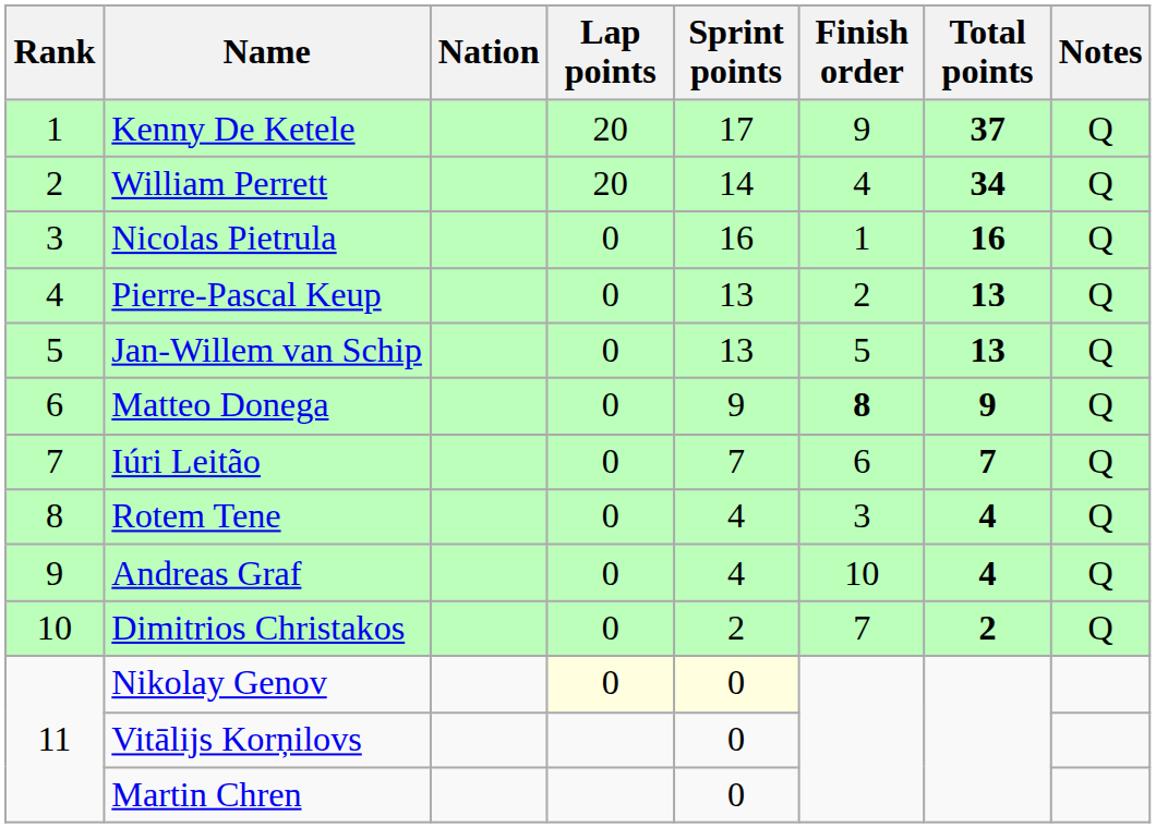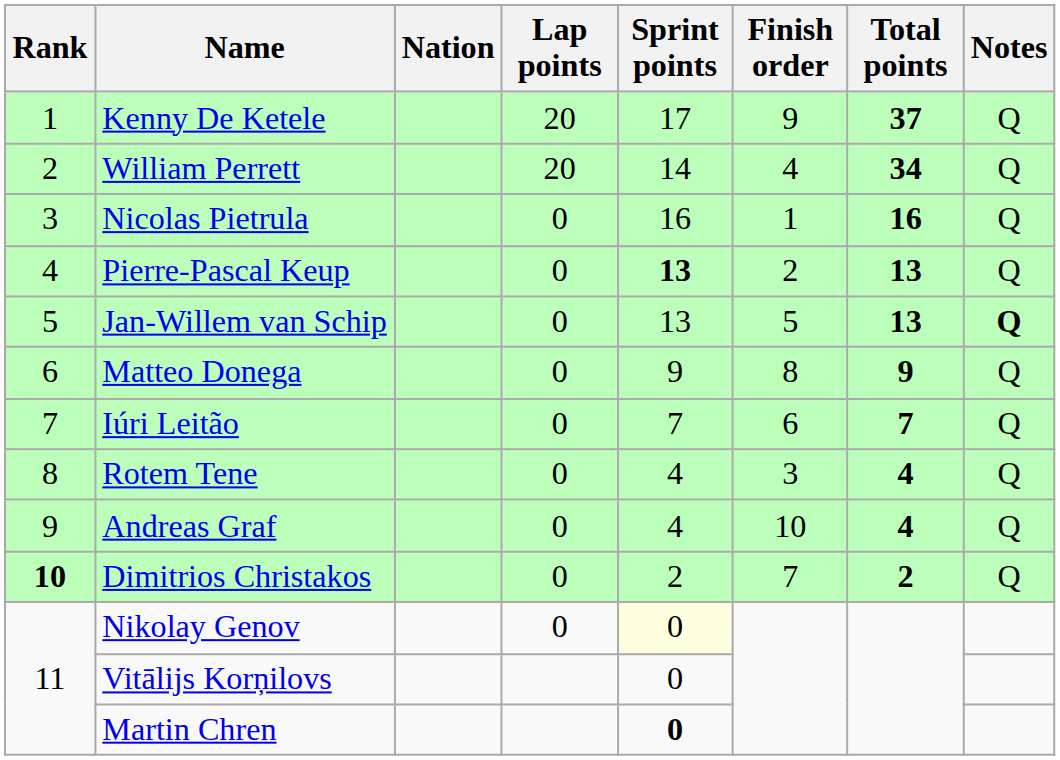 <table class="wikitable sortable" style="text-align:center">
 <tr>
 <th>Rank</th>
 <th>Name</th>
 <th>Nation</th>
 <th width=50>Lap points</th>
 <th width=50>Sprint points</th>
 <th width=50>Finish order</th>
 <th width=50>Total points</th>
 <th>Notes</th>
 </tr>
 <tr bgcolor=bbffbb>
 <td>1</td>
 <td align=left><a href='#'>Kenny De Ketele</a></td>
 <td align=left></td>
 <td>20</td>
 <td>17</td>
 <td>9</td>
 <td><strong>37</strong></td>
 <td>Q</td>
 </tr>
 <tr bgcolor=bbffbb>
 <td>2</td>
 <td align=left><a href='#'>William Perrett</a></td>
 <td align=left></td>
 <td>20</td>
 <td>14</td>
 <td>4</td>
 <td><strong>34</strong></td>
 <td>Q</td>
 </tr>
 <tr bgcolor=bbffbb>
 <td>3</td>
 <td align=left><a href='#'>Nicolas Pietrula</a></td>
 <td align=left></td>
 <td>0</td>
 <td>16</td>
 <td>1</td>
 <td><strong>16</strong></td>
 <td>Q</td>
 </tr>
 <tr bgcolor=bbffbb>
 <td>4</td>
 <td align=left><a href='#'>Pierre-Pascal Keup</a></td>
 <td align=left></td>
 <td>0</td>
-<td>13</td>
+<td><strong>13</strong></td>
 <td>2</td>
 <td><strong>13</strong></td>
 <td>Q</td>
 </tr>
 <tr bgcolor=bbffbb>
 <td>5</td>
 <td align=left><a href='#'>Jan-Willem van Schip</a></td>
 <td align=left></td>
 <td>0</td>
 <td>13</td>
 <td>5</td>
 <td><strong>13</strong></td>
-<td>Q</td>
+<td><strong>Q</strong></td>
 </tr>
 <tr bgcolor=bbffbb>
 <td>6</td>
 <td align=left><a href='#'>Matteo Donega</a></td>
 <td align=left></td>
 <td>0</td>
 <td>9</td>
-<td><strong>8</strong></td>
+<td>8</td>
 <td><strong>9</strong></td>
 <td>Q</td>
 </tr>
 <tr bgcolor=bbffbb>
 <td>7</td>
 <td align=left><a href='#'>Iúri Leitão</a></td>
 <td align=left></td>
 <td>0</td>
 <td>7</td>
 <td>6</td>
 <td><strong>7</strong></td>
 <td>Q</td>
 </tr>
 <tr bgcolor=bbffbb>
 <td>8</td>
 <td align=left><a href='#'>Rotem Tene</a></td>
 <td align=left></td>
 <td>0</td>
 <td>4</td>
 <td>3</td>
 <td><strong>4</strong></td>
 <td>Q</td>
 </tr>
 <tr bgcolor=bbffbb>
 <td>9</td>
 <td align=left><a href='#'>Andreas Graf</a></td>
 <td align=left></td>
 <td>0</td>
 <td>4</td>
 <td>10</td>
 <td><strong>4</strong></td>
 <td>Q</td>
 </tr>
 <tr bgcolor=bbffbb>
-<td>10</td>
+<td><strong>10</strong></td>
 <td align=left><a href='#'>Dimitrios Christakos</a></td>
 <td align=left></td>
 <td>0</td>
 <td>2</td>
 <td>7</td>
 <td><strong>2</strong></td>
 <td>Q</td>
 </tr>
 <tr>
 <td rowspan=3>11</td>
 <td align=left><a href='#'>Nikolay Genov</a></td>
 <td align=left></td>
-<td style="background: lightyellow;">0</td>
+<td>0</td>
 <td style="background: lightyellow;">0</td>
 <td rowspan=3></td>
 <td rowspan=3></td>
 <td></td>
 </tr>
 <tr>
 <td align=left><a href='#'>Vitālijs Korņilovs</a></td>
 <td align=left></td>
 <td></td>
 <td>0</td>
 <td></td>
 </tr>
 <tr>
 <td align=left><a href='#'>Martin Chren</a></td>
 <td align=left></td>
 <td></td>
-<td>0</td>
+<td><strong>0</strong></td>
 <td></td>
 </tr>
 </table>
